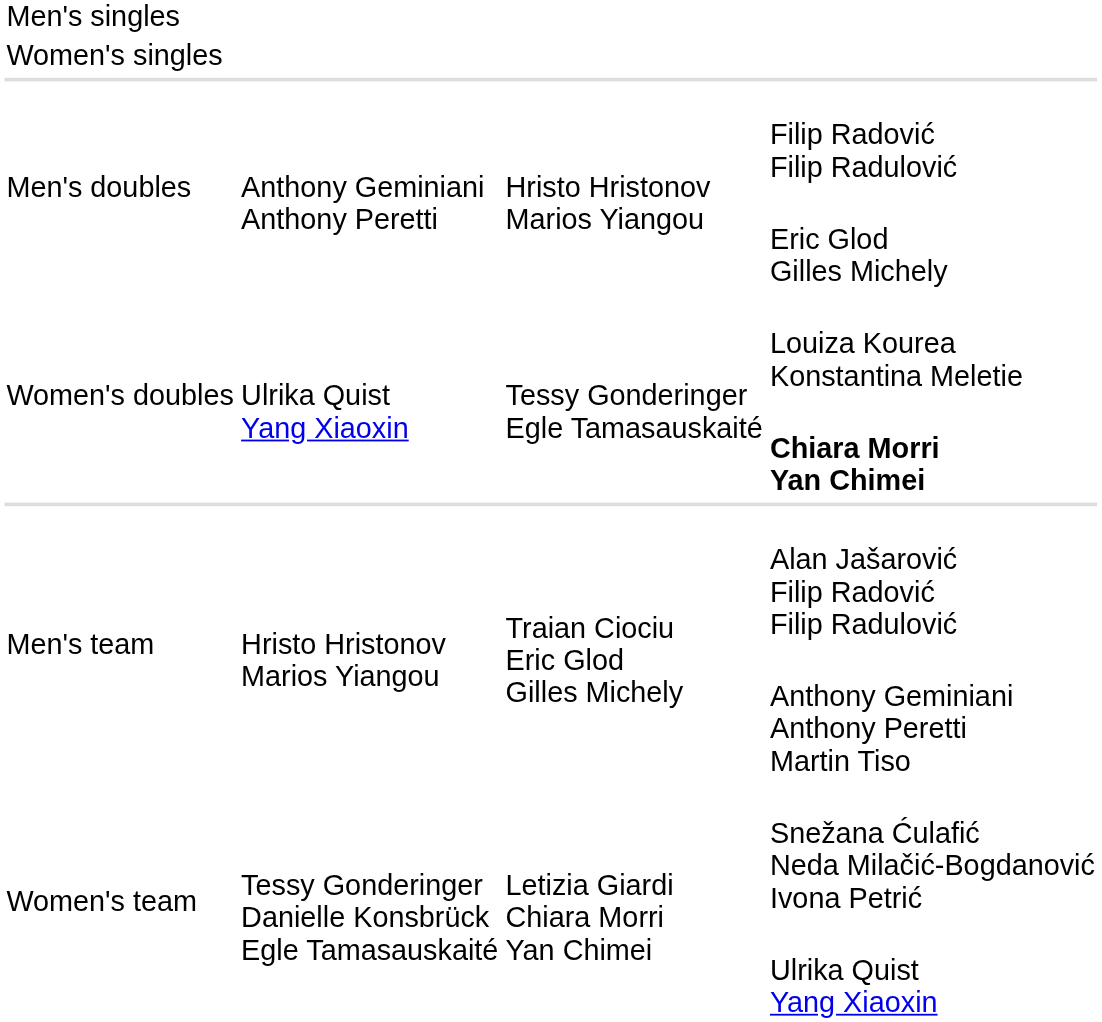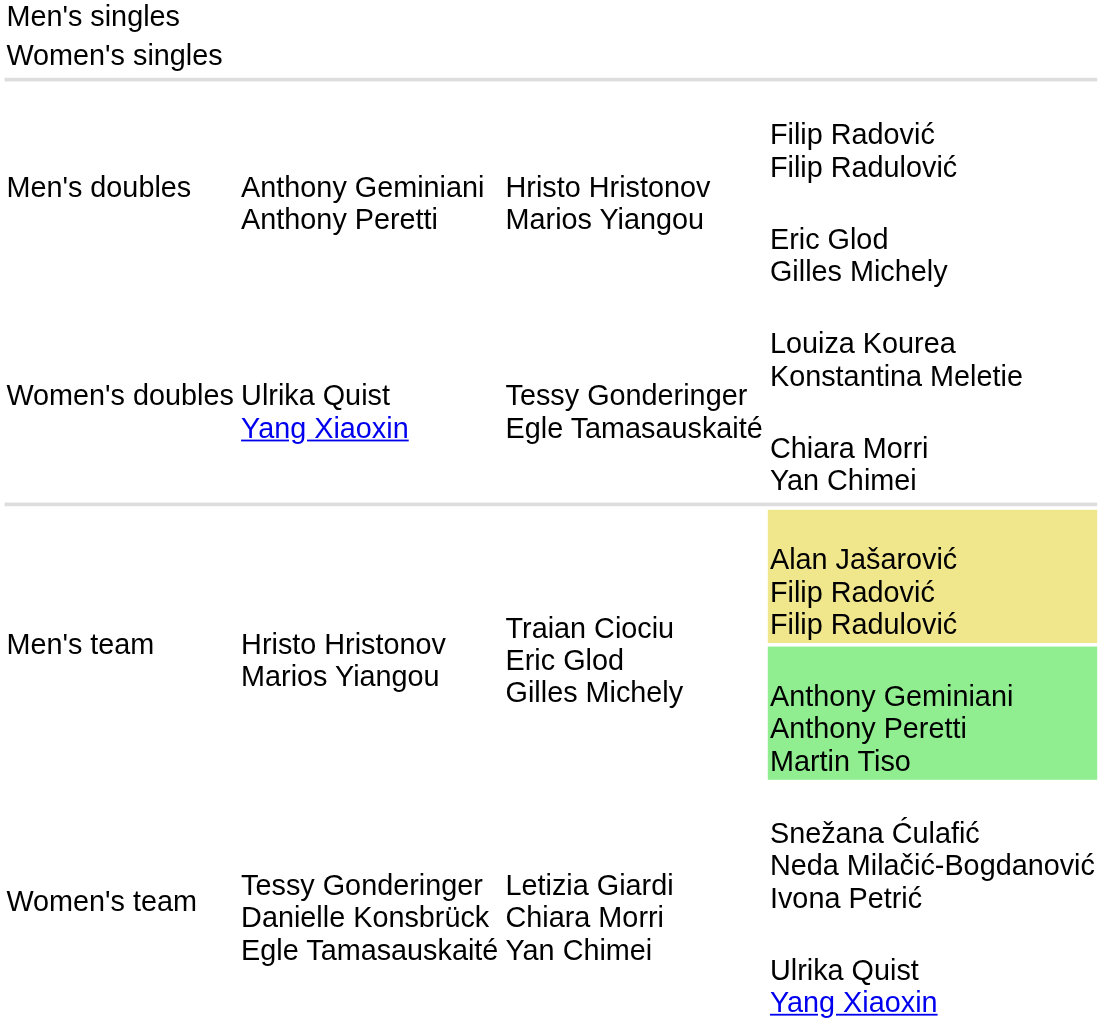 <table>
 <tr>
 <td rowspan=2>Men's singles</td>
 <td rowspan=2></td>
 <td rowspan=2></td>
 <td></td>
 </tr>
 <tr>
 <td></td>
 </tr>
 <tr>
 <td rowspan=2>Women's singles</td>
 <td rowspan=2></td>
 <td rowspan=2></td>
 <td></td>
 </tr>
 <tr>
 <td></td>
 </tr>
 <tr bgcolor=#dddddd>
 <td colspan=4></td>
 </tr>
 <tr>
 <td rowspan=2>Men's doubles</td>
 <td rowspan=2><br>Anthony Geminiani<br>Anthony Peretti</td>
 <td rowspan=2><br>Hristo Hristonov<br>Marios Yiangou</td>
 <td><br>Filip Radović<br>Filip Radulović</td>
 </tr>
 <tr>
 <td><br>Eric Glod<br>Gilles Michely</td>
 </tr>
 <tr>
 <td rowspan=2>Women's doubles</td>
 <td rowspan=2><br>Ulrika Quist<br><a href='#'>Yang Xiaoxin</a></td>
 <td rowspan=2 nowrap><br>Tessy Gonderinger<br>Egle Tamasauskaité</td>
 <td><br>Louiza Kourea<br>Konstantina Meletie</td>
 </tr>
 <tr>
-<td><strong><br>Chiara Morri<br>Yan Chimei</strong></td>
+<td><br>Chiara Morri<br>Yan Chimei</td>
 </tr>
 <tr bgcolor=#dddddd>
 <td colspan=4></td>
 </tr>
 <tr>
 <td rowspan=2>Men's team</td>
 <td rowspan=2><br>Hristo Hristonov<br>Marios Yiangou</td>
 <td rowspan=2><br>Traian Ciociu<br>Eric Glod<br>Gilles Michely</td>
-<td><br>Alan Jašarović<br>Filip Radović<br>Filip Radulović</td>
+<td style="background: khaki;"><br>Alan Jašarović<br>Filip Radović<br>Filip Radulović</td>
 </tr>
 <tr>
-<td><br>Anthony Geminiani<br>Anthony Peretti<br>Martin Tiso</td>
+<td style="background: lightgreen;"><br>Anthony Geminiani<br>Anthony Peretti<br>Martin Tiso</td>
 </tr>
 <tr>
 <td rowspan=2>Women's team</td>
 <td rowspan=2 nowrap><br>Tessy Gonderinger<br>Danielle Konsbrück<br>Egle Tamasauskaité</td>
 <td rowspan=2><br>Letizia Giardi<br>Chiara Morri<br>Yan Chimei</td>
 <td nowrap><br>Snežana Ćulafić<br>Neda Milačić-Bogdanović<br>Ivona Petrić</td>
 </tr>
 <tr>
 <td><br>Ulrika Quist<br><a href='#'>Yang Xiaoxin</a></td>
 </tr>
 </table>
